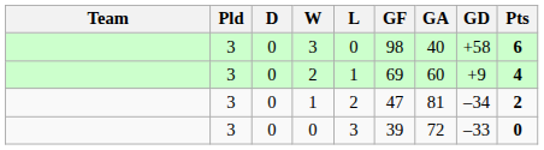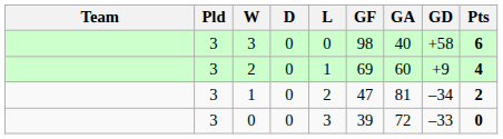 <table class="wikitable" style="text-align: center;">
 <tr>
 <th width="180">Team</th>
 <th width="30">Pld</th>
+<th width="30">W</th>
 <th width="30">D</th>
-<th width="30">W</th>
 <th width="30">L</th>
 <th width="30">GF</th>
 <th width="30">GA</th>
 <th width="30">GD</th>
 <th width="30">Pts</th>
 </tr>
 <tr bgcolor=#CCFFCC>
 <td align="left"></td>
 <td>3</td>
+<td>3</td>
 <td>0</td>
-<td>3</td>
 <td>0</td>
 <td>98</td>
 <td>40</td>
 <td>+58</td>
 <td><strong>6</strong></td>
 </tr>
 <tr bgcolor=#CCFFCC>
 <td align="left"></td>
 <td>3</td>
+<td>2</td>
 <td>0</td>
-<td>2</td>
 <td>1</td>
 <td>69</td>
 <td>60</td>
 <td>+9</td>
 <td><strong>4</strong></td>
 </tr>
 <tr>
 <td align="left"></td>
 <td>3</td>
+<td>1</td>
 <td>0</td>
-<td>1</td>
 <td>2</td>
 <td>47</td>
 <td>81</td>
 <td>–34</td>
 <td><strong>2</strong></td>
 </tr>
 <tr>
 <td align="left"></td>
 <td>3</td>
 <td>0</td>
 <td>0</td>
 <td>3</td>
 <td>39</td>
 <td>72</td>
 <td>–33</td>
 <td><strong>0</strong></td>
 </tr>
 </table>
